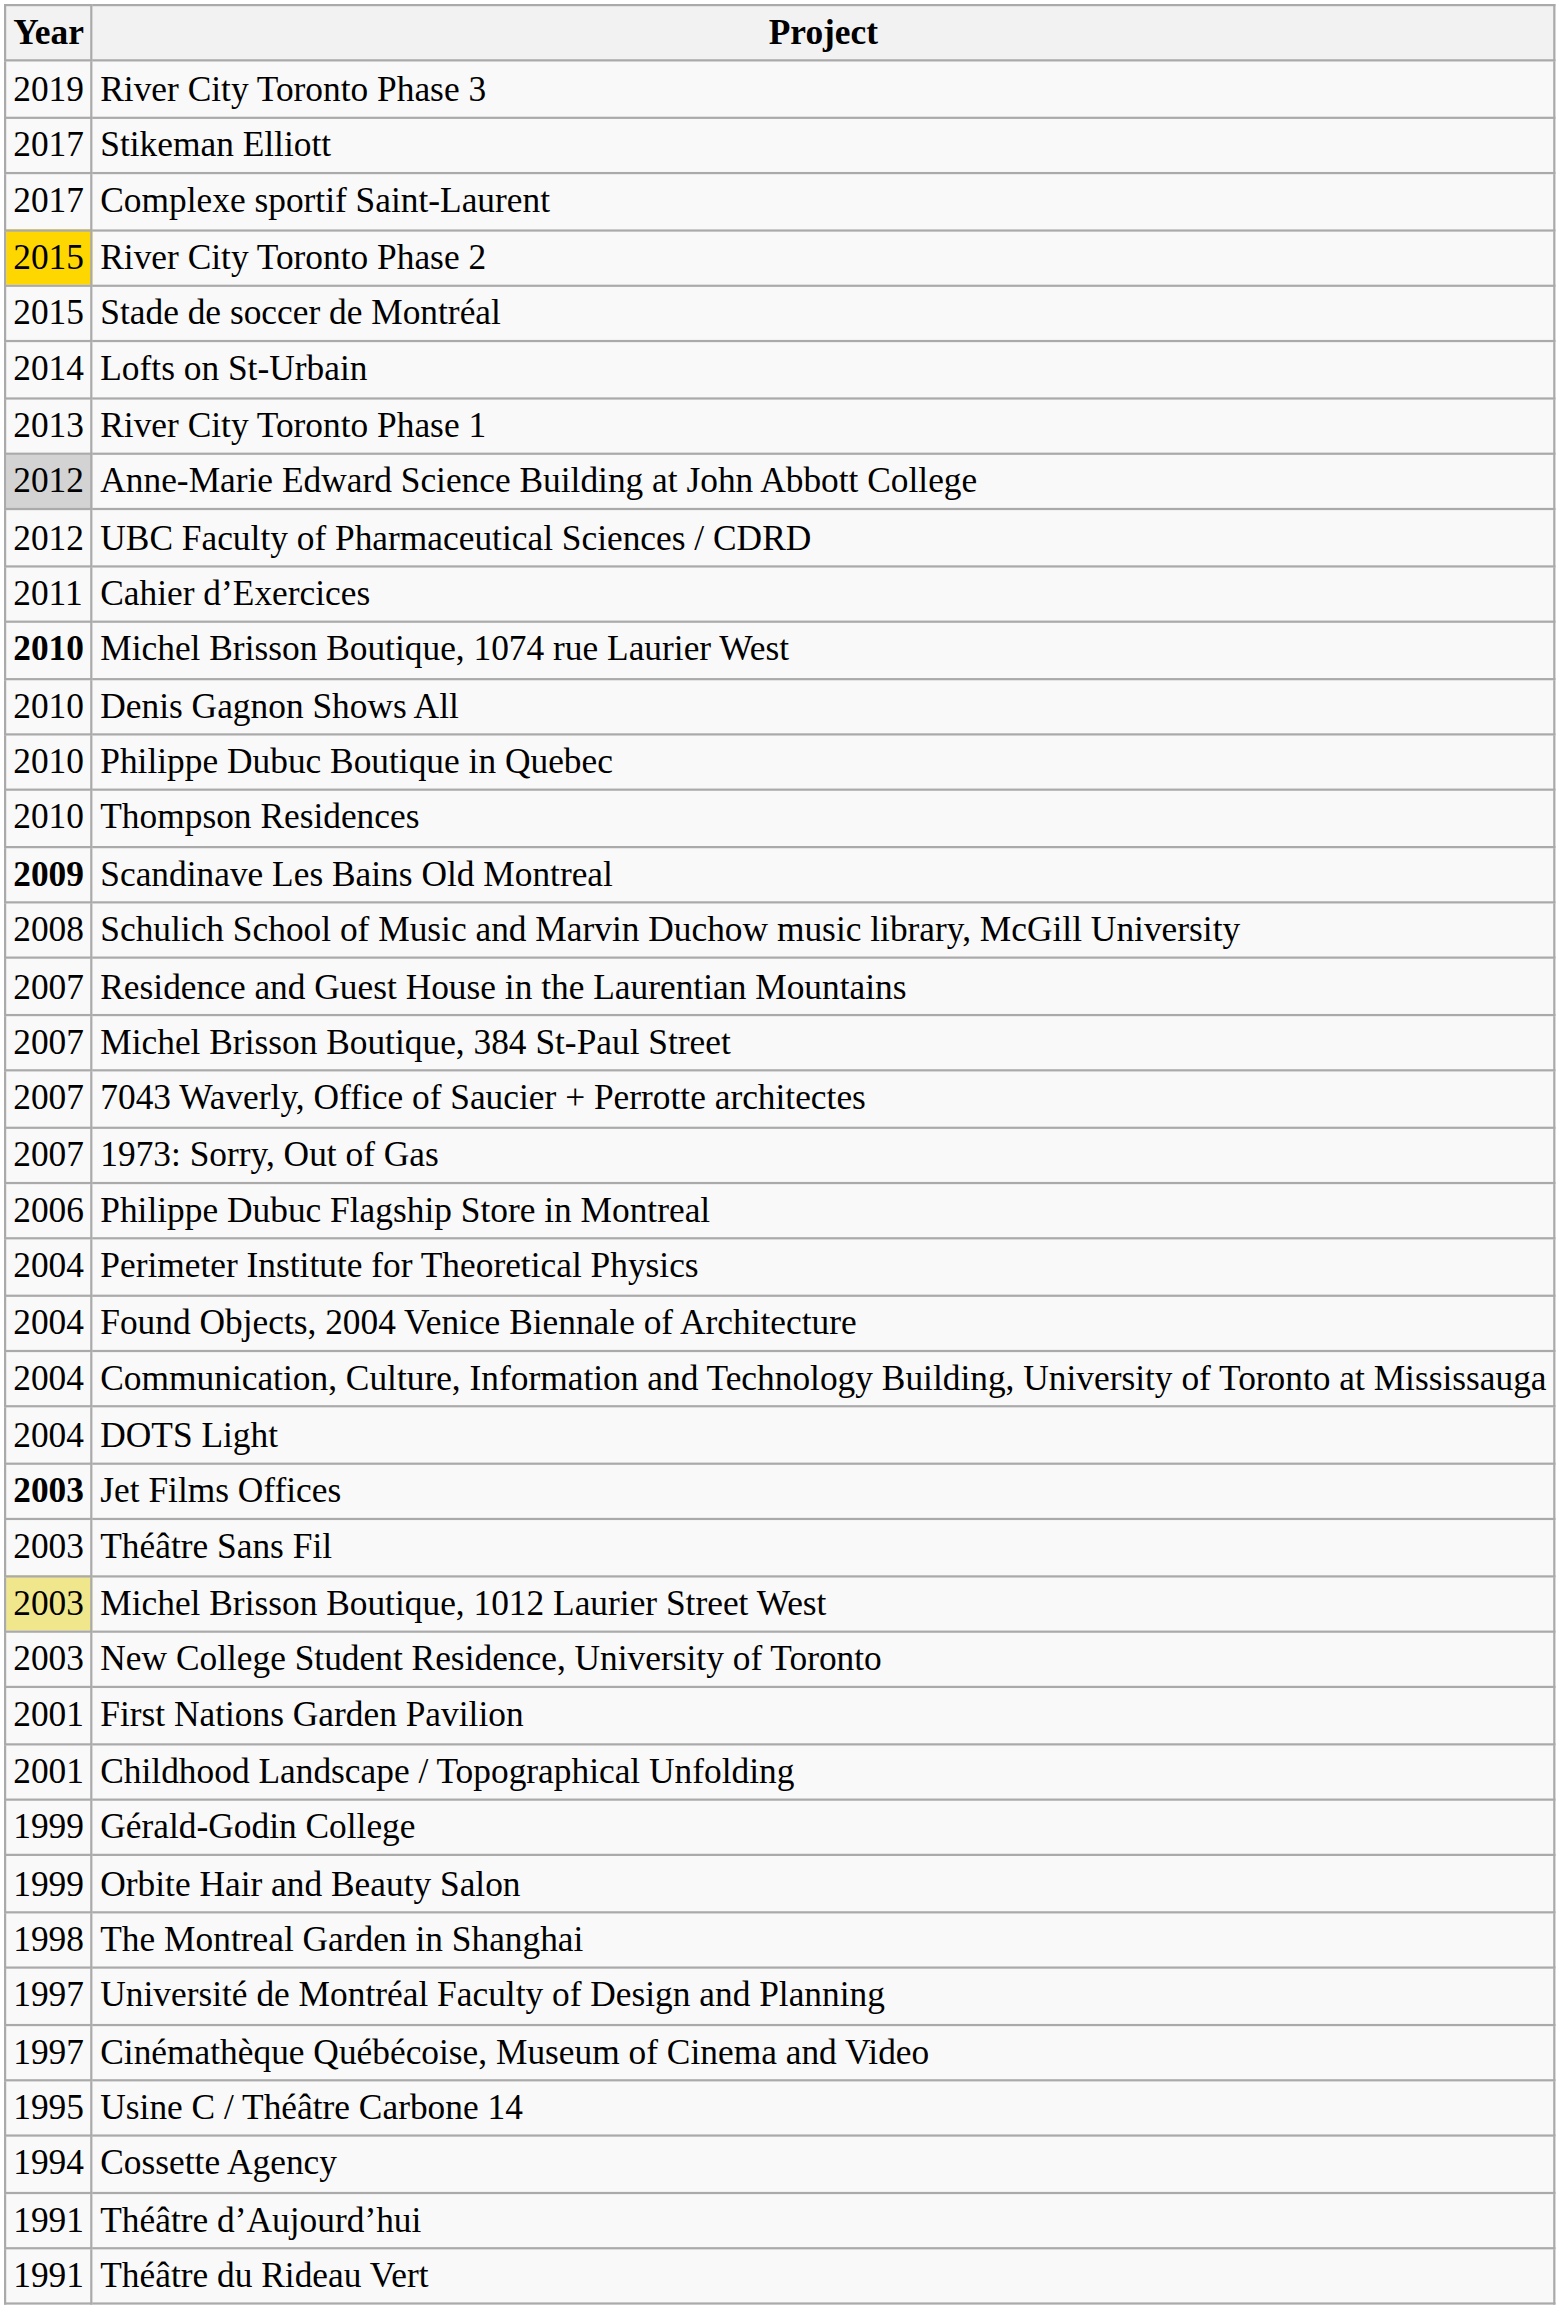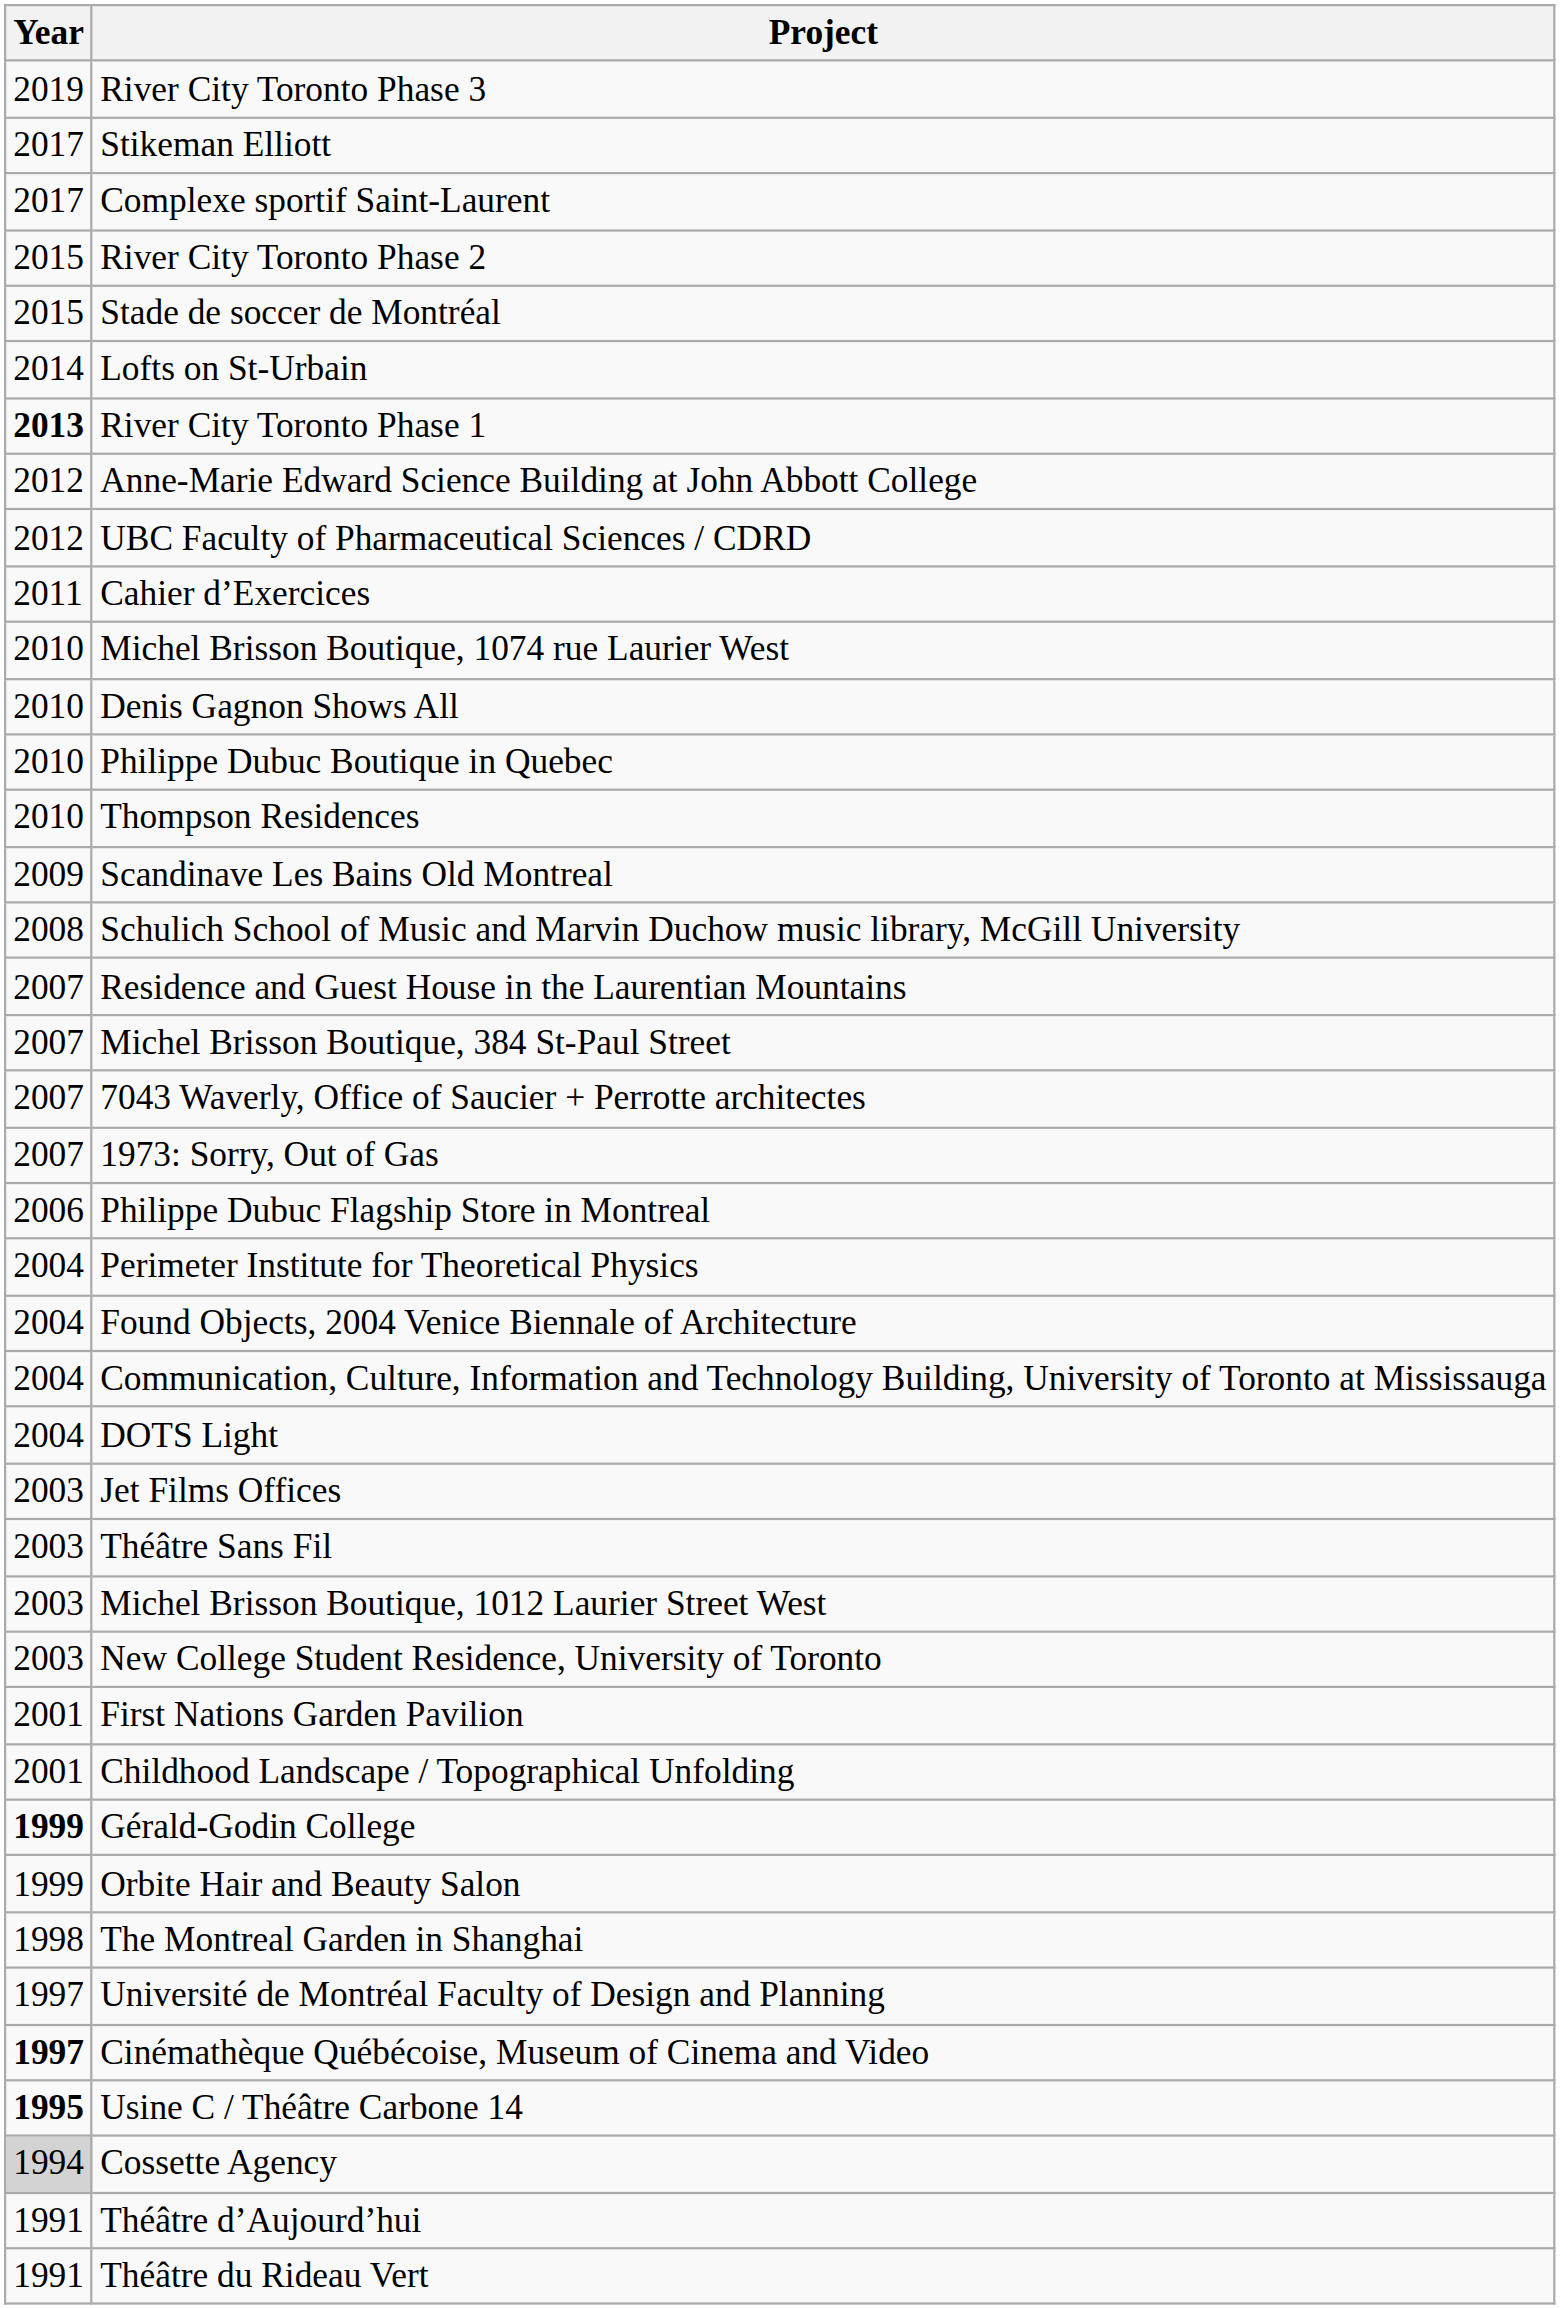 <table class="wikitable sortable">
 <tr>
 <th>Year</th>
 <th>Project</th>
 </tr>
 <tr>
 <td>2019</td>
 <td>River City Toronto Phase 3</td>
 </tr>
 <tr>
 <td>2017</td>
 <td>Stikeman Elliott</td>
 </tr>
 <tr>
 <td>2017</td>
 <td>Complexe sportif Saint-Laurent</td>
 </tr>
 <tr>
-<td style="background: gold;">2015</td>
+<td>2015</td>
 <td>River City Toronto Phase 2</td>
 </tr>
 <tr>
 <td>2015</td>
 <td>Stade de soccer de Montréal</td>
 </tr>
 <tr>
 <td>2014</td>
 <td>Lofts on St-Urbain</td>
 </tr>
 <tr>
-<td>2013</td>
+<td><strong>2013</strong></td>
 <td>River City Toronto Phase 1</td>
 </tr>
 <tr>
-<td style="background: lightgrey;">2012</td>
+<td>2012</td>
 <td>Anne-Marie Edward Science Building at John Abbott College</td>
 </tr>
 <tr>
 <td>2012</td>
 <td>UBC Faculty of Pharmaceutical Sciences / CDRD</td>
 </tr>
 <tr>
 <td>2011</td>
 <td>Cahier d’Exercices</td>
 </tr>
 <tr>
-<td><strong>2010</strong></td>
+<td>2010</td>
 <td>Michel Brisson Boutique, 1074 rue Laurier West</td>
 </tr>
 <tr>
 <td>2010</td>
 <td>Denis Gagnon Shows All</td>
 </tr>
 <tr>
 <td>2010</td>
 <td>Philippe Dubuc Boutique in Quebec</td>
 </tr>
 <tr>
 <td>2010</td>
 <td>Thompson Residences</td>
 </tr>
 <tr>
-<td><strong>2009</strong></td>
+<td>2009</td>
 <td>Scandinave Les Bains Old Montreal</td>
 </tr>
 <tr>
 <td>2008</td>
 <td>Schulich School of Music and Marvin Duchow music library, McGill University</td>
 </tr>
 <tr>
 <td>2007</td>
 <td>Residence and Guest House in the Laurentian Mountains</td>
 </tr>
 <tr>
 <td>2007</td>
 <td>Michel Brisson Boutique, 384 St-Paul Street</td>
 </tr>
 <tr>
 <td>2007</td>
 <td>7043 Waverly, Office of Saucier + Perrotte architectes</td>
 </tr>
 <tr>
 <td>2007</td>
 <td>1973: Sorry, Out of Gas</td>
 </tr>
 <tr>
 <td>2006</td>
 <td>Philippe Dubuc Flagship Store in Montreal</td>
 </tr>
 <tr>
 <td>2004</td>
 <td>Perimeter Institute for Theoretical Physics</td>
 </tr>
 <tr>
 <td>2004</td>
 <td>Found Objects, 2004 Venice Biennale of Architecture</td>
 </tr>
 <tr>
 <td>2004</td>
 <td>Communication, Culture, Information and Technology Building, University of Toronto at Mississauga</td>
 </tr>
 <tr>
 <td>2004</td>
 <td>DOTS Light</td>
 </tr>
 <tr>
-<td><strong>2003</strong></td>
+<td>2003</td>
 <td>Jet Films Offices</td>
 </tr>
 <tr>
 <td>2003</td>
 <td>Théâtre Sans Fil</td>
 </tr>
 <tr>
-<td style="background: khaki;">2003</td>
+<td>2003</td>
 <td>Michel Brisson Boutique, 1012 Laurier Street West</td>
 </tr>
 <tr>
 <td>2003</td>
 <td>New College Student Residence, University of Toronto</td>
 </tr>
 <tr>
 <td>2001</td>
 <td>First Nations Garden Pavilion</td>
 </tr>
 <tr>
 <td>2001</td>
 <td>Childhood Landscape / Topographical Unfolding</td>
 </tr>
 <tr>
-<td>1999</td>
+<td><strong>1999</strong></td>
 <td>Gérald-Godin College</td>
 </tr>
 <tr>
 <td>1999</td>
 <td>Orbite Hair and Beauty Salon</td>
 </tr>
 <tr>
 <td>1998</td>
 <td>The Montreal Garden in Shanghai</td>
 </tr>
 <tr>
 <td>1997</td>
 <td>Université de Montréal Faculty of Design and Planning</td>
 </tr>
 <tr>
-<td>1997</td>
+<td><strong>1997</strong></td>
 <td>Cinémathèque Québécoise, Museum of Cinema and Video</td>
 </tr>
 <tr>
-<td>1995</td>
+<td><strong>1995</strong></td>
 <td>Usine C / Théâtre Carbone 14</td>
 </tr>
 <tr>
-<td>1994</td>
+<td style="background: lightgrey;">1994</td>
 <td>Cossette Agency</td>
 </tr>
 <tr>
 <td>1991</td>
 <td>Théâtre d’Aujourd’hui</td>
 </tr>
 <tr>
 <td>1991</td>
 <td>Théâtre du Rideau Vert</td>
 </tr>
 </table>
